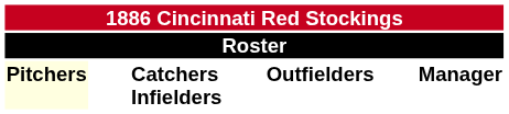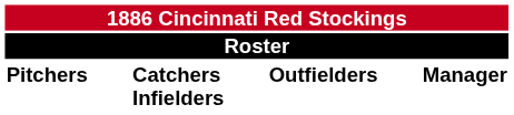 <table class="toccolours" style="font-size: 95%;">
 <tr>
 <th colspan="10" style="background-color: #c6011f; color: white; text-align: center;">1886 Cincinnati Red Stockings</th>
 </tr>
 <tr>
 <td colspan="10" style="background-color: black; color: white; text-align: center;"><strong>Roster</strong></td>
 </tr>
 <tr>
-<td valign="top" style="background: lightyellow;"><strong>Pitchers</strong><br>          </td>
+<td valign="top"><strong>Pitchers</strong><br>          </td>
 <td width="25px"></td>
 <td valign="top"><strong>Catchers</strong><br>     <strong>Infielders</strong>    </td>
 <td width="25px"></td>
 <td valign="top"><strong>Outfielders</strong><br>       </td>
 <td width="25px"></td>
 <td valign="top"><strong>Manager</strong><br></td>
 </tr>
 </table>
